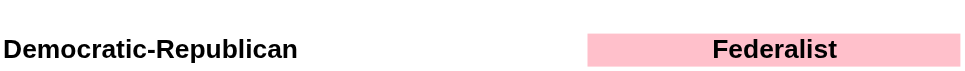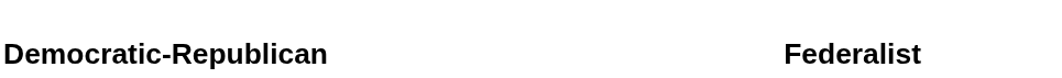 <table style="width:60%; text-align:center">
 <tr style="color:white">
 <td style="background:"><strong>158</strong></td>
 <td style="background:"><strong>28</strong></td>
 </tr>
 <tr>
 <td><span><strong>Democratic-Republican</strong></span></td>
-<td style="background: pink;"><span><strong>Federalist</strong></span></td>
+<td><span><strong>Federalist</strong></span></td>
 </tr>
 </table>
